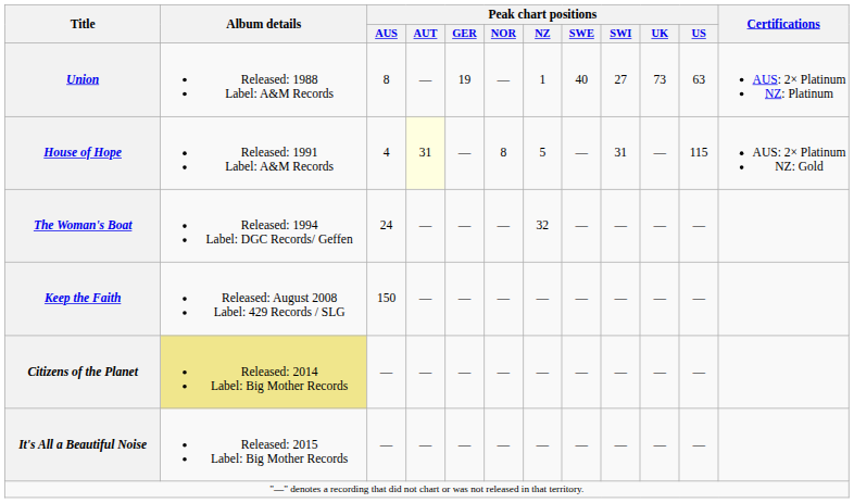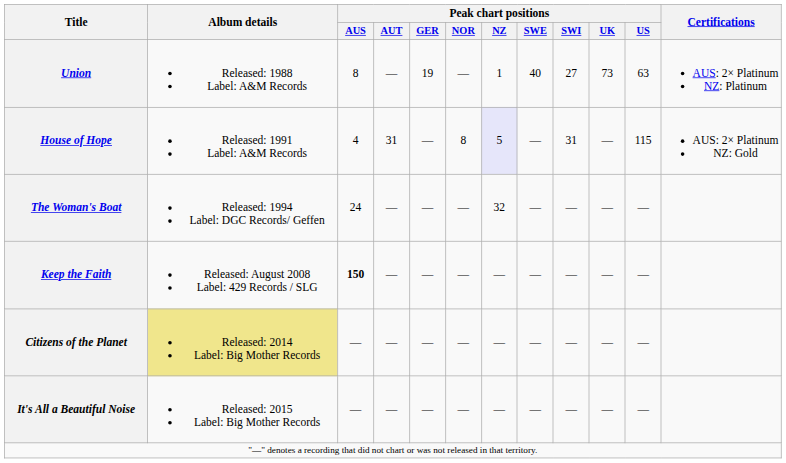 <table class="wikitable plainrowheaders" style="text-align:center;" border="1">
 <tr>
 <th scope="col" rowspan="2" style="width:12em;">Title</th>
 <th scope="col" rowspan="2" style="width:16em;">Album details</th>
 <th scope="col" colspan="9">Peak chart positions</th>
 <th scope="col" rowspan="2"><a href='#'>Certifications</a></th>
 </tr>
 <tr>
 <th scope="col" style="width:3em;font-size:90%;"><a href='#'>AUS</a><br></th>
 <th scope="col" style="width:3em;font-size:90%;"><a href='#'>AUT</a><br></th>
 <th scope="col" style="width:3em;font-size:90%;"><a href='#'>GER</a><br></th>
 <th scope="col" style="width:3em;font-size:90%;"><a href='#'>NOR</a><br></th>
 <th scope="col" style="width:3em;font-size:90%;"><a href='#'>NZ</a><br></th>
 <th scope="col" style="width:3em;font-size:90%;"><a href='#'>SWE</a><br></th>
 <th scope="col" style="width:3em;font-size:90%;"><a href='#'>SWI</a><br></th>
 <th scope="col" style="width:3em;font-size:90%;"><a href='#'>UK</a><br></th>
 <th scope="col" style="width:3em;font-size:90%;"><a href='#'>US</a><br></th>
 </tr>
 <tr>
 <th scope="row"><em><a href='#'>Union</a></em></th>
 <td><br><ul><li>Released: 1988</li><li>Label: A&M Records</li></ul></td>
 <td>8</td>
 <td>—</td>
 <td>19</td>
 <td>—</td>
 <td>1</td>
 <td>40</td>
 <td>27</td>
 <td>73</td>
 <td>63</td>
 <td><br><ul><li><a href='#'>AUS</a>: 2× Platinum</li><li><a href='#'>NZ</a>: Platinum</li></ul></td>
 </tr>
 <tr>
 <th scope="row"><em><a href='#'>House of Hope</a></em></th>
 <td><br><ul><li>Released: 1991</li><li>Label: A&M Records</li></ul></td>
 <td>4</td>
-<td style="background: lightyellow;">31</td>
+<td>31</td>
 <td>—</td>
 <td>8</td>
-<td>5</td>
+<td style="background: lavender;">5</td>
 <td>—</td>
 <td>31</td>
 <td>—</td>
 <td>115</td>
 <td><br><ul><li>AUS: 2× Platinum</li><li>NZ: Gold</li></ul></td>
 </tr>
 <tr>
 <th scope="row"><em><a href='#'>The Woman's Boat</a></em></th>
 <td><br><ul><li>Released: 1994</li><li>Label: DGC Records/ Geffen</li></ul></td>
 <td>24</td>
 <td>—</td>
 <td>—</td>
 <td>—</td>
 <td>32</td>
 <td>—</td>
 <td>—</td>
 <td>—</td>
 <td>—</td>
 <td></td>
 </tr>
 <tr>
 <th scope="row"><em><a href='#'>Keep the Faith</a></em></th>
 <td><br><ul><li>Released: August 2008</li><li>Label: 429 Records / SLG</li></ul></td>
-<td>150</td>
+<td><strong>150</strong></td>
 <td>—</td>
 <td>—</td>
 <td>—</td>
 <td>—</td>
 <td>—</td>
 <td>—</td>
 <td>—</td>
 <td>—</td>
 <td></td>
 </tr>
 <tr>
 <th scope="row"><em>Citizens of the Planet</em></th>
 <td style="background: khaki;"><br><ul><li>Released: 2014</li><li>Label: Big Mother Records</li></ul></td>
 <td>—</td>
 <td>—</td>
 <td>—</td>
 <td>—</td>
 <td>—</td>
 <td>—</td>
 <td>—</td>
 <td>—</td>
 <td>—</td>
 <td></td>
 </tr>
 <tr>
 <th scope="row"><em>It's All a Beautiful Noise</em></th>
 <td><br><ul><li>Released: 2015</li><li>Label: Big Mother Records</li></ul></td>
 <td>—</td>
 <td>—</td>
 <td>—</td>
 <td>—</td>
 <td>—</td>
 <td>—</td>
 <td>—</td>
 <td>—</td>
 <td>—</td>
 <td></td>
 </tr>
 <tr>
 <td colspan="13" style="text-align:center; font-size:80%">"—" denotes a recording that did not chart or was not released in that territory.</td>
 </tr>
 </table>
